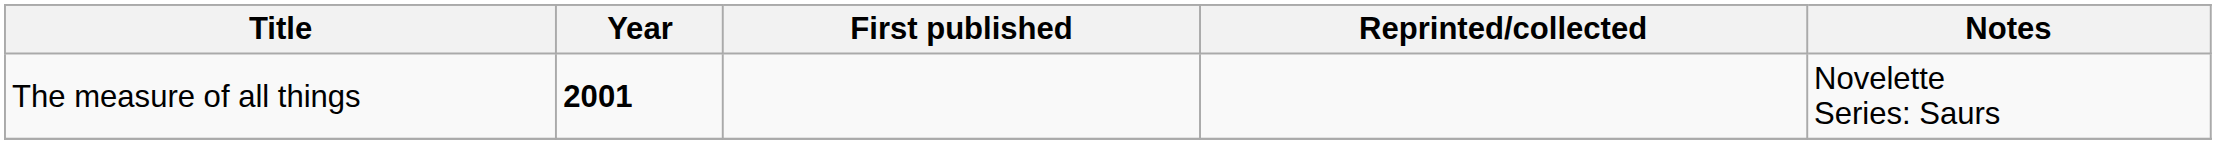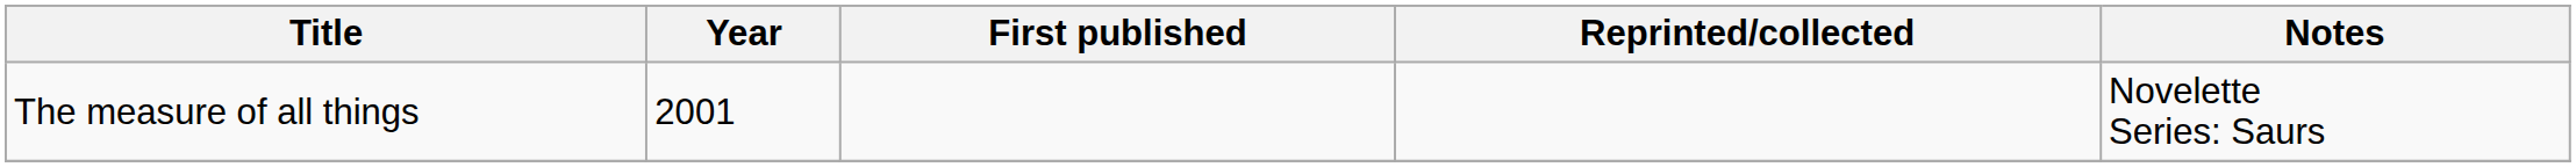 <table class='wikitable sortable' width='90%'>
 <tr>
 <th width=25%>Title</th>
 <th>Year</th>
 <th>First published</th>
 <th>Reprinted/collected</th>
 <th>Notes</th>
 </tr>
 <tr>
 <td>The measure of all things</td>
-<td><strong>2001</strong></td>
+<td>2001</td>
 <td></td>
 <td></td>
 <td>Novelette<br>Series: Saurs</td>
 </tr>
 <tr>
 </tr>
 </table>
